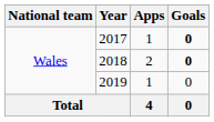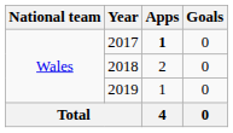 <table class=wikitable style=text-align:center>
 <tr>
 <th>National team</th>
 <th>Year</th>
 <th>Apps</th>
 <th>Goals</th>
 </tr>
 <tr>
 <td rowspan=3><a href='#'>Wales</a></td>
 <td>2017</td>
-<td>1</td>
-<td><strong>0</strong></td>
+<td><strong>1</strong></td>
+<td>0</td>
 </tr>
 <tr>
 <td>2018</td>
 <td>2</td>
-<td><strong>0</strong></td>
+<td>0</td>
 </tr>
 <tr>
 <td>2019</td>
 <td>1</td>
 <td>0</td>
 </tr>
 <tr>
 <th colspan=2>Total</th>
 <th>4</th>
 <th>0</th>
 </tr>
 </table>
